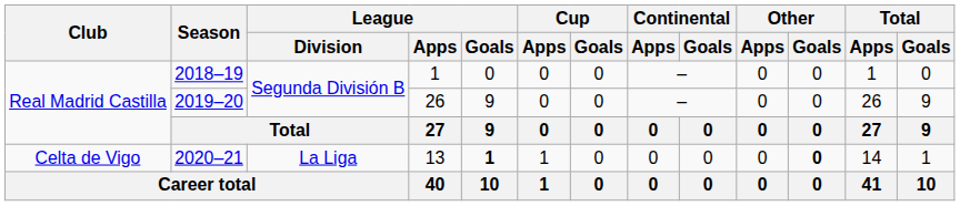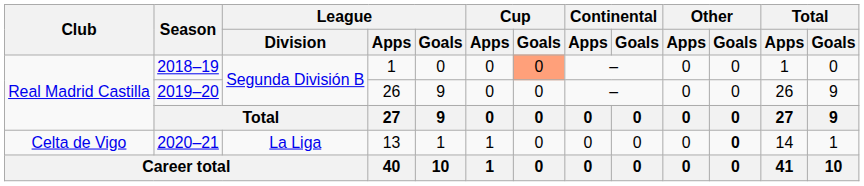 <table class="wikitable" style="text-align:center">
 <tr>
 <th rowspan="2">Club</th>
 <th rowspan="2">Season</th>
 <th colspan="3">League</th>
 <th colspan="2">Cup</th>
 <th colspan="2">Continental</th>
 <th colspan="2">Other</th>
 <th colspan="2">Total</th>
 </tr>
 <tr>
 <th>Division</th>
 <th>Apps</th>
 <th>Goals</th>
 <th>Apps</th>
 <th>Goals</th>
 <th>Apps</th>
 <th>Goals</th>
 <th>Apps</th>
 <th>Goals</th>
 <th>Apps</th>
 <th>Goals</th>
 </tr>
 <tr>
 <td rowspan="3"><a href='#'>Real Madrid Castilla</a></td>
 <td><a href='#'>2018–19</a></td>
 <td rowspan="2"><a href='#'>Segunda División B</a></td>
 <td>1</td>
 <td>0</td>
 <td>0</td>
-<td>0</td>
+<td style="background: lightsalmon;">0</td>
 <td colspan="2">–</td>
 <td>0</td>
 <td>0</td>
 <td>1</td>
 <td>0</td>
 </tr>
 <tr>
 <td><a href='#'>2019–20</a></td>
 <td>26</td>
 <td>9</td>
 <td>0</td>
 <td>0</td>
 <td colspan="2">–</td>
 <td>0</td>
 <td>0</td>
 <td>26</td>
 <td>9</td>
 </tr>
 <tr>
 <th colspan="2">Total</th>
 <th>27</th>
 <th>9</th>
 <th>0</th>
 <th>0</th>
 <th>0</th>
 <th>0</th>
 <th>0</th>
 <th>0</th>
 <th>27</th>
 <th>9</th>
 </tr>
 <tr>
 <td><a href='#'>Celta de Vigo</a></td>
 <td><a href='#'>2020–21</a></td>
 <td><a href='#'>La Liga</a></td>
 <td>13</td>
-<td><strong>1</strong></td>
+<td>1</td>
 <td>1</td>
 <td>0</td>
 <td>0</td>
 <td>0</td>
 <td>0</td>
 <td><strong>0</strong></td>
 <td>14</td>
 <td>1</td>
 </tr>
 <tr>
 <th colspan="3">Career total</th>
 <th>40</th>
 <th>10</th>
 <th>1</th>
 <th>0</th>
 <th>0</th>
 <th>0</th>
 <th>0</th>
 <th>0</th>
 <th>41</th>
 <th>10</th>
 </tr>
 </table>
